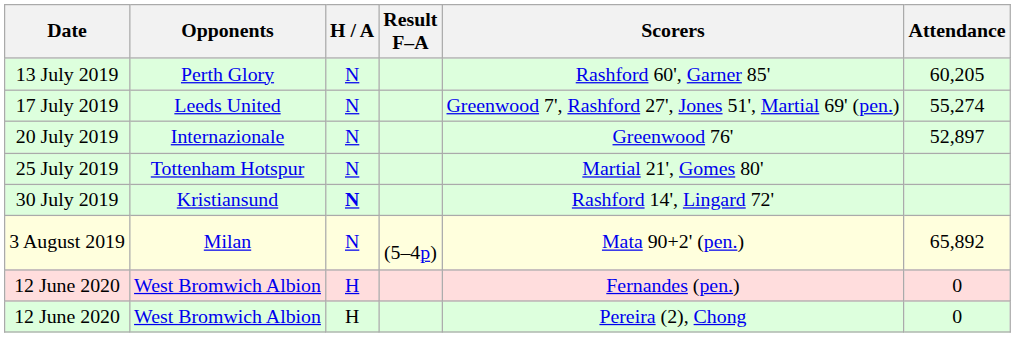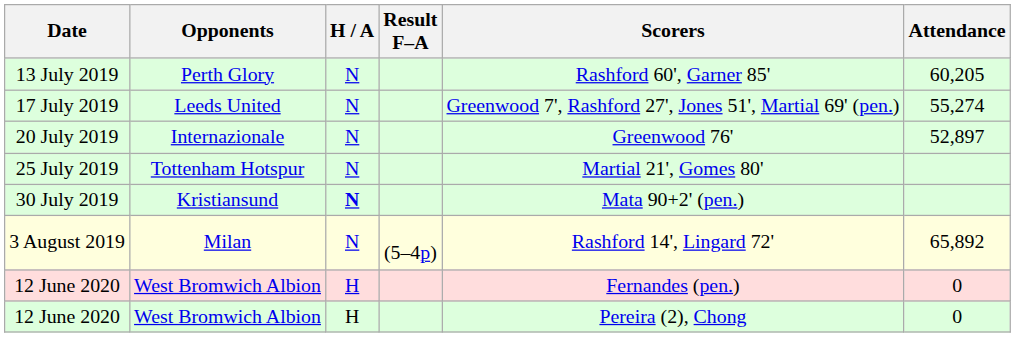 <table class="wikitable" style="text-align:center">
 <tr>
 <th>Date</th>
 <th>Opponents</th>
 <th>H / A</th>
 <th>Result<br>F–A</th>
 <th>Scorers</th>
 <th>Attendance</th>
 </tr>
 <tr style="background:#ddffdd">
 <td>13 July 2019</td>
 <td><a href='#'>Perth Glory</a></td>
 <td><a href='#'>N</a></td>
 <td></td>
 <td><a href='#'>Rashford</a> 60', <a href='#'>Garner</a> 85'</td>
 <td>60,205</td>
 </tr>
 <tr style="background:#ddffdd">
 <td>17 July 2019</td>
 <td><a href='#'>Leeds United</a></td>
 <td><a href='#'>N</a></td>
 <td></td>
 <td><a href='#'>Greenwood</a> 7', <a href='#'>Rashford</a> 27', <a href='#'>Jones</a> 51', <a href='#'>Martial</a> 69' (<a href='#'>pen.</a>)</td>
 <td>55,274</td>
 </tr>
 <tr style="background:#ddffdd">
 <td>20 July 2019</td>
 <td><a href='#'>Internazionale</a></td>
 <td><a href='#'>N</a></td>
 <td></td>
 <td><a href='#'>Greenwood</a> 76'</td>
 <td>52,897</td>
 </tr>
 <tr style="background:#ddffdd">
 <td>25 July 2019</td>
 <td><a href='#'>Tottenham Hotspur</a></td>
 <td><a href='#'>N</a></td>
 <td></td>
 <td><a href='#'>Martial</a> 21', <a href='#'>Gomes</a> 80'</td>
 <td></td>
 </tr>
 <tr style="background:#ddffdd">
 <td>30 July 2019</td>
 <td><a href='#'>Kristiansund</a></td>
 <td><strong><a href='#'>N</a></strong></td>
 <td></td>
-<td><a href='#'>Rashford</a> 14', <a href='#'>Lingard</a> 72'</td>
+<td><a href='#'>Mata</a> 90+2' (<a href='#'>pen.</a>)</td>
 <td></td>
 </tr>
 <tr style="background:#ffffdd">
 <td>3 August 2019</td>
 <td><a href='#'>Milan</a></td>
 <td><a href='#'>N</a></td>
 <td><br>(5–4<a href='#'>p</a>)</td>
-<td><a href='#'>Mata</a> 90+2' (<a href='#'>pen.</a>)</td>
+<td><a href='#'>Rashford</a> 14', <a href='#'>Lingard</a> 72'</td>
 <td>65,892</td>
 </tr>
 <tr style="background:#ffdddd">
 <td>12 June 2020</td>
 <td><a href='#'>West Bromwich Albion</a></td>
 <td><a href='#'>H</a></td>
 <td></td>
 <td><a href='#'>Fernandes</a> (<a href='#'>pen.</a>)</td>
 <td>0</td>
 </tr>
 <tr style="background:#ddffdd">
 <td>12 June 2020</td>
 <td><a href='#'>West Bromwich Albion</a></td>
 <td>H</td>
 <td></td>
 <td><a href='#'>Pereira</a> (2), <a href='#'>Chong</a></td>
 <td>0</td>
 </tr>
 </table>
